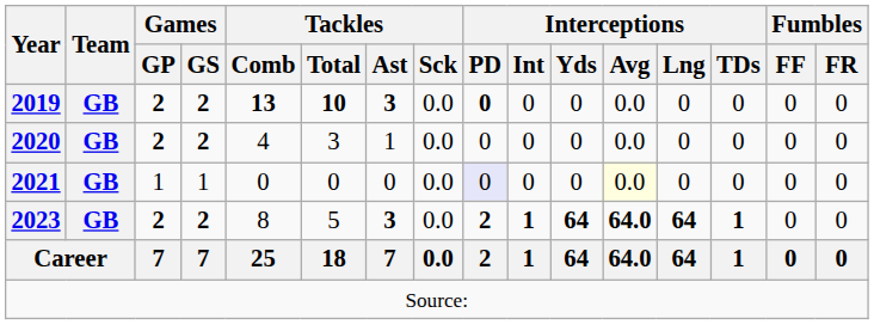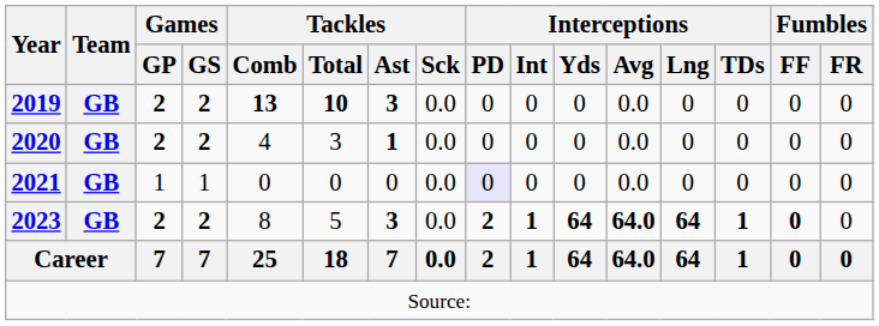 <table class="wikitable" style="text-align: center;">
 <tr>
 <th rowspan="2">Year</th>
 <th rowspan="2">Team</th>
 <th colspan="2">Games</th>
 <th colspan="4">Tackles</th>
 <th colspan="6">Interceptions</th>
 <th colspan="2">Fumbles</th>
 </tr>
 <tr>
 <th>GP</th>
 <th>GS</th>
 <th>Comb</th>
 <th>Total</th>
 <th>Ast</th>
 <th>Sck</th>
 <th>PD</th>
 <th>Int</th>
 <th>Yds</th>
 <th>Avg</th>
 <th>Lng</th>
 <th>TDs</th>
 <th>FF</th>
 <th>FR</th>
 </tr>
 <tr>
 <th><a href='#'>2019</a></th>
 <th><a href='#'>GB</a></th>
 <td><strong>2</strong></td>
 <td><strong>2</strong></td>
 <td><strong>13</strong></td>
 <td><strong>10</strong></td>
 <td><strong>3</strong></td>
 <td>0.0</td>
-<td><strong>0</strong></td>
+<td>0</td>
 <td>0</td>
 <td>0</td>
 <td>0.0</td>
 <td>0</td>
 <td>0</td>
 <td>0</td>
 <td>0</td>
 </tr>
 <tr>
 <th><a href='#'>2020</a></th>
 <th><a href='#'>GB</a></th>
 <td><strong>2</strong></td>
 <td><strong>2</strong></td>
 <td>4</td>
 <td>3</td>
-<td>1</td>
+<td><strong>1</strong></td>
 <td>0.0</td>
 <td>0</td>
 <td>0</td>
 <td>0</td>
 <td>0.0</td>
 <td>0</td>
 <td>0</td>
 <td>0</td>
 <td>0</td>
 </tr>
 <tr>
 <th><a href='#'>2021</a></th>
 <th><a href='#'>GB</a></th>
 <td>1</td>
 <td>1</td>
 <td>0</td>
 <td>0</td>
 <td>0</td>
 <td>0.0</td>
 <td style="background: lavender;">0</td>
 <td>0</td>
 <td>0</td>
-<td style="background: lightyellow;">0.0</td>
+<td>0.0</td>
 <td>0</td>
 <td>0</td>
 <td>0</td>
 <td>0</td>
 </tr>
 <tr>
 <th><a href='#'>2023</a></th>
 <th><a href='#'>GB</a></th>
 <td><strong>2</strong></td>
 <td><strong>2</strong></td>
 <td>8</td>
 <td>5</td>
 <td><strong>3</strong></td>
 <td>0.0</td>
 <td><strong>2</strong></td>
 <td><strong>1</strong></td>
 <td><strong>64</strong></td>
 <td><strong>64.0</strong></td>
 <td><strong>64</strong></td>
 <td><strong>1</strong></td>
-<td>0</td>
+<td><strong>0</strong></td>
 <td>0</td>
 </tr>
 <tr>
 <th colspan="2">Career</th>
 <th>7</th>
 <th>7</th>
 <th>25</th>
 <th>18</th>
 <th>7</th>
 <th>0.0</th>
 <th>2</th>
 <th>1</th>
 <th>64</th>
 <th>64.0</th>
 <th>64</th>
 <th>1</th>
 <th>0</th>
 <th>0</th>
 </tr>
 <tr>
 <td colspan="17"><small>Source: </small></td>
 </tr>
 </table>
